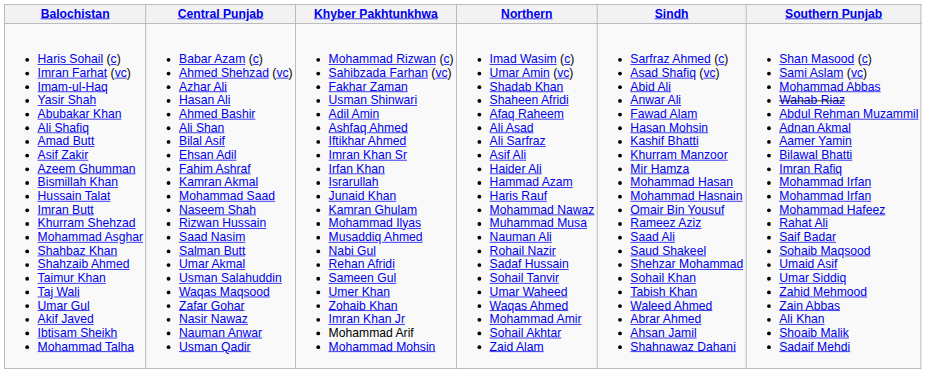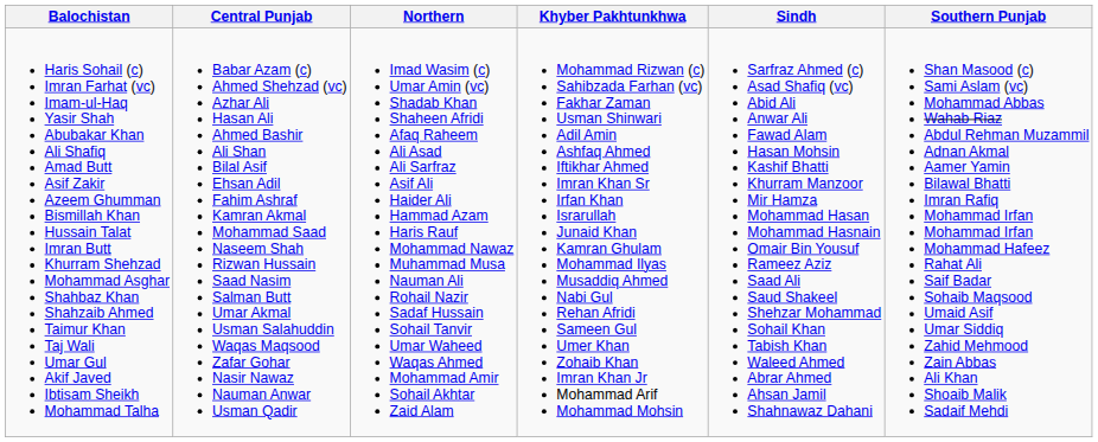 <table class="wikitable">
 <tr>
 <th><a href='#'>Balochistan</a></th>
 <th><a href='#'>Central Punjab</a></th>
+<th><a href='#'>Northern</a></th>
 <th><a href='#'>Khyber Pakhtunkhwa</a></th>
-<th><a href='#'>Northern</a></th>
 <th><a href='#'>Sindh</a></th>
 <th><a href='#'>Southern Punjab</a></th>
 </tr>
 <tr>
 <td valign=top><br><ul><li><a href='#'>Haris Sohail</a> (<a href='#'>c</a>)</li><li><a href='#'>Imran Farhat</a> (<a href='#'>vc</a>)</li><li><a href='#'>Imam-ul-Haq</a></li><li><a href='#'>Yasir Shah</a></li><li><a href='#'>Abubakar Khan</a></li><li><a href='#'>Ali Shafiq</a></li><li><a href='#'>Amad Butt</a></li><li><a href='#'>Asif Zakir</a></li><li><a href='#'>Azeem Ghumman</a></li><li><a href='#'>Bismillah Khan</a></li><li><a href='#'>Hussain Talat</a></li><li><a href='#'>Imran Butt</a></li><li><a href='#'>Khurram Shehzad</a></li><li><a href='#'>Mohammad Asghar</a></li><li><a href='#'>Shahbaz Khan</a></li><li><a href='#'>Shahzaib Ahmed</a></li><li><a href='#'>Taimur Khan</a></li><li><a href='#'>Taj Wali</a></li><li><a href='#'>Umar Gul</a></li><li><a href='#'>Akif Javed</a></li><li><a href='#'>Ibtisam Sheikh</a></li><li><a href='#'>Mohammad Talha</a></li></ul></td>
 <td valign=top><br><ul><li><a href='#'>Babar Azam</a> (<a href='#'>c</a>)</li><li><a href='#'>Ahmed Shehzad</a> (<a href='#'>vc</a>)</li><li><a href='#'>Azhar Ali</a></li><li><a href='#'>Hasan Ali</a></li><li><a href='#'>Ahmed Bashir</a></li><li><a href='#'>Ali Shan</a></li><li><a href='#'>Bilal Asif</a></li><li><a href='#'>Ehsan Adil</a></li><li><a href='#'>Fahim Ashraf</a></li><li><a href='#'>Kamran Akmal</a></li><li><a href='#'>Mohammad Saad</a></li><li><a href='#'>Naseem Shah</a></li><li><a href='#'>Rizwan Hussain</a></li><li><a href='#'>Saad Nasim</a></li><li><a href='#'>Salman Butt</a></li><li><a href='#'>Umar Akmal</a></li><li><a href='#'>Usman Salahuddin</a></li><li><a href='#'>Waqas Maqsood</a></li><li><a href='#'>Zafar Gohar</a></li><li><a href='#'>Nasir Nawaz</a></li><li><a href='#'>Nauman Anwar</a></li><li><a href='#'>Usman Qadir</a></li></ul></td>
+<td valign=top><br><ul><li><a href='#'>Imad Wasim</a> (<a href='#'>c</a>)</li><li><a href='#'>Umar Amin</a> (<a href='#'>vc</a>)</li><li><a href='#'>Shadab Khan</a></li><li><a href='#'>Shaheen Afridi</a></li><li><a href='#'>Afaq Raheem</a></li><li><a href='#'>Ali Asad</a></li><li><a href='#'>Ali Sarfraz</a></li><li><a href='#'>Asif Ali</a></li><li><a href='#'>Haider Ali</a></li><li><a href='#'>Hammad Azam</a></li><li><a href='#'>Haris Rauf</a></li><li><a href='#'>Mohammad Nawaz</a></li><li><a href='#'>Muhammad Musa</a></li><li><a href='#'>Nauman Ali</a></li><li><a href='#'>Rohail Nazir</a></li><li><a href='#'>Sadaf Hussain</a></li><li><a href='#'>Sohail Tanvir</a></li><li><a href='#'>Umar Waheed</a></li><li><a href='#'>Waqas Ahmed</a></li><li><a href='#'>Mohammad Amir</a></li><li><a href='#'>Sohail Akhtar</a></li><li><a href='#'>Zaid Alam</a></li></ul></td>
 <td valign=top><br><ul><li><a href='#'>Mohammad Rizwan</a> (<a href='#'>c</a>)</li><li><a href='#'>Sahibzada Farhan</a> (<a href='#'>vc</a>)</li><li><a href='#'>Fakhar Zaman</a></li><li><a href='#'>Usman Shinwari</a></li><li><a href='#'>Adil Amin</a></li><li><a href='#'>Ashfaq Ahmed</a></li><li><a href='#'>Iftikhar Ahmed</a></li><li><a href='#'>Imran Khan Sr</a></li><li><a href='#'>Irfan Khan</a></li><li><a href='#'>Israrullah</a></li><li><a href='#'>Junaid Khan</a></li><li><a href='#'>Kamran Ghulam</a></li><li><a href='#'>Mohammad Ilyas</a></li><li><a href='#'>Musaddiq Ahmed</a></li><li><a href='#'>Nabi Gul</a></li><li><a href='#'>Rehan Afridi</a></li><li><a href='#'>Sameen Gul</a></li><li><a href='#'>Umer Khan</a></li><li><a href='#'>Zohaib Khan</a></li><li><a href='#'>Imran Khan Jr</a></li><li>Mohammad Arif</li><li><a href='#'>Mohammad Mohsin</a></li></ul></td>
-<td valign=top><br><ul><li><a href='#'>Imad Wasim</a> (<a href='#'>c</a>)</li><li><a href='#'>Umar Amin</a> (<a href='#'>vc</a>)</li><li><a href='#'>Shadab Khan</a></li><li><a href='#'>Shaheen Afridi</a></li><li><a href='#'>Afaq Raheem</a></li><li><a href='#'>Ali Asad</a></li><li><a href='#'>Ali Sarfraz</a></li><li><a href='#'>Asif Ali</a></li><li><a href='#'>Haider Ali</a></li><li><a href='#'>Hammad Azam</a></li><li><a href='#'>Haris Rauf</a></li><li><a href='#'>Mohammad Nawaz</a></li><li><a href='#'>Muhammad Musa</a></li><li><a href='#'>Nauman Ali</a></li><li><a href='#'>Rohail Nazir</a></li><li><a href='#'>Sadaf Hussain</a></li><li><a href='#'>Sohail Tanvir</a></li><li><a href='#'>Umar Waheed</a></li><li><a href='#'>Waqas Ahmed</a></li><li><a href='#'>Mohammad Amir</a></li><li><a href='#'>Sohail Akhtar</a></li><li><a href='#'>Zaid Alam</a></li></ul></td>
 <td valign=top><br><ul><li><a href='#'>Sarfraz Ahmed</a> (<a href='#'>c</a>)</li><li><a href='#'>Asad Shafiq</a> (<a href='#'>vc</a>)</li><li><a href='#'>Abid Ali</a></li><li><a href='#'>Anwar Ali</a></li><li><a href='#'>Fawad Alam</a></li><li><a href='#'>Hasan Mohsin</a></li><li><a href='#'>Kashif Bhatti</a></li><li><a href='#'>Khurram Manzoor</a></li><li><a href='#'>Mir Hamza</a></li><li><a href='#'>Mohammad Hasan</a></li><li><a href='#'>Mohammad Hasnain</a></li><li><a href='#'>Omair Bin Yousuf</a></li><li><a href='#'>Rameez Aziz</a></li><li><a href='#'>Saad Ali</a></li><li><a href='#'>Saud Shakeel</a></li><li><a href='#'>Shehzar Mohammad</a></li><li><a href='#'>Sohail Khan</a></li><li><a href='#'>Tabish Khan</a></li><li><a href='#'>Waleed Ahmed</a></li><li><a href='#'>Abrar Ahmed</a></li><li><a href='#'>Ahsan Jamil</a></li><li><a href='#'>Shahnawaz Dahani</a></li></ul></td>
 <td valign=top><br><ul><li><a href='#'>Shan Masood</a> (<a href='#'>c</a>)</li><li><a href='#'>Sami Aslam</a> (<a href='#'>vc</a>)</li><li><a href='#'>Mohammad Abbas</a></li><li><s><a href='#'>Wahab Riaz</a></s></li><li><a href='#'>Abdul Rehman Muzammil</a></li><li><a href='#'>Adnan Akmal</a></li><li><a href='#'>Aamer Yamin</a></li><li><a href='#'>Bilawal Bhatti</a></li><li><a href='#'>Imran Rafiq</a></li><li><a href='#'>Mohammad Irfan</a></li><li><a href='#'>Mohammad Irfan</a></li><li><a href='#'>Mohammad Hafeez</a></li><li><a href='#'>Rahat Ali</a></li><li><a href='#'>Saif Badar</a></li><li><a href='#'>Sohaib Maqsood</a></li><li><a href='#'>Umaid Asif</a></li><li><a href='#'>Umar Siddiq</a></li><li><a href='#'>Zahid Mehmood</a></li><li><a href='#'>Zain Abbas</a></li><li><a href='#'>Ali Khan</a></li><li><a href='#'>Shoaib Malik</a></li><li><a href='#'>Sadaif Mehdi</a></li></ul></td>
 </tr>
 </table>
